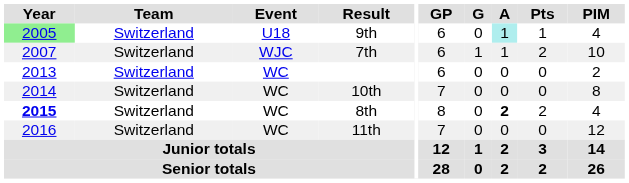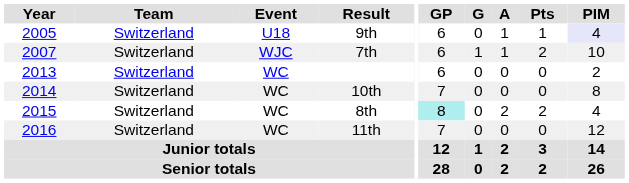 <table border="0" cellpadding="1" cellspacing="0" ID="Table3" style="text-align:center; width:40em">
 <tr ALIGN="center" bgcolor="#e0e0e0">
 <th>Year</th>
 <th>Team</th>
 <th>Event</th>
 <th>Result</th>
 <th rowspan="99" bgcolor="#ffffff"></th>
 <th>GP</th>
 <th>G</th>
 <th>A</th>
 <th>Pts</th>
 <th>PIM</th>
 </tr>
 <tr>
-<td style="background: lightgreen;"><a href='#'>2005</a></td>
+<td><a href='#'>2005</a></td>
 <td><a href='#'>Switzerland</a></td>
 <td><a href='#'>U18</a></td>
 <td>9th</td>
 <td>6</td>
 <td>0</td>
-<td style="background: paleturquoise;">1</td>
 <td>1</td>
-<td>4</td>
+<td>1</td>
+<td style="background: lavender;">4</td>
 </tr>
 <tr bgcolor="#f0f0f0">
 <td><a href='#'>2007</a></td>
 <td>Switzerland</td>
 <td><a href='#'>WJC</a></td>
 <td>7th</td>
 <td>6</td>
 <td>1</td>
 <td>1</td>
 <td>2</td>
 <td>10</td>
 </tr>
 <tr>
 <td><a href='#'>2013</a></td>
 <td><a href='#'>Switzerland</a></td>
 <td><a href='#'>WC</a></td>
 <td></td>
 <td>6</td>
 <td>0</td>
 <td>0</td>
 <td>0</td>
 <td>2</td>
 </tr>
 <tr bgcolor="#f0f0f0">
 <td><a href='#'>2014</a></td>
 <td>Switzerland</td>
 <td>WC</td>
 <td>10th</td>
 <td>7</td>
 <td>0</td>
 <td>0</td>
 <td>0</td>
 <td>8</td>
 </tr>
 <tr>
-<td><strong><a href='#'>2015</a></strong></td>
+<td><a href='#'>2015</a></td>
 <td>Switzerland</td>
 <td>WC</td>
 <td>8th</td>
-<td>8</td>
+<td style="background: paleturquoise;">8</td>
 <td>0</td>
-<td><strong>2</strong></td>
+<td>2</td>
 <td>2</td>
 <td>4</td>
 </tr>
 <tr bgcolor="#f0f0f0">
 <td><a href='#'>2016</a></td>
 <td>Switzerland</td>
 <td>WC</td>
 <td>11th</td>
 <td>7</td>
 <td>0</td>
 <td>0</td>
 <td>0</td>
 <td>12</td>
 </tr>
 <tr bgcolor="#e0e0e0">
 <th colspan="4">Junior totals</th>
 <th>12</th>
 <th>1</th>
 <th>2</th>
 <th>3</th>
 <th>14</th>
 </tr>
 <tr bgcolor="#e0e0e0">
 <th colspan="4">Senior totals</th>
 <th>28</th>
 <th>0</th>
 <th>2</th>
 <th>2</th>
 <th>26</th>
 </tr>
 </table>
